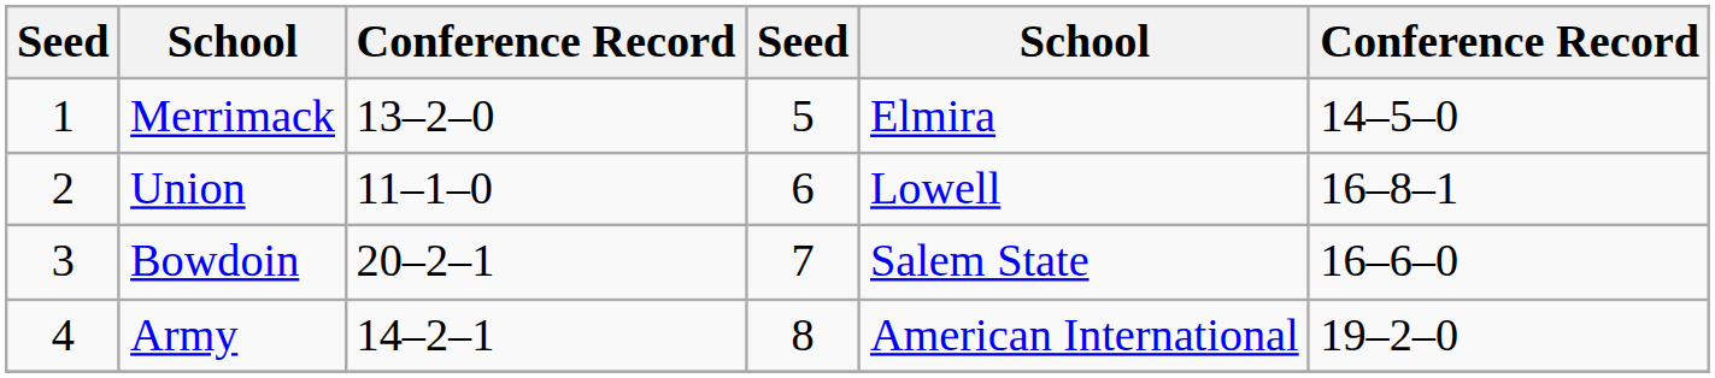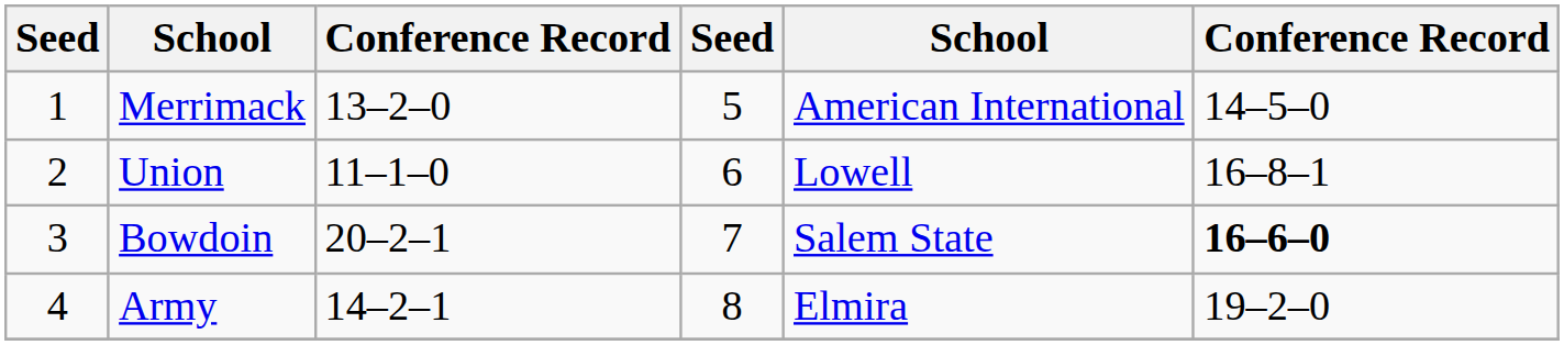 <table class="wikitable">
 <tr>
 <th>Seed</th>
 <th>School</th>
 <th>Conference Record</th>
 <th>Seed</th>
 <th>School</th>
 <th>Conference Record</th>
 </tr>
 <tr>
 <td align=center>1</td>
 <td><a href='#'>Merrimack</a></td>
 <td>13–2–0</td>
 <td align=center>5</td>
-<td><a href='#'>Elmira</a></td>
+<td><a href='#'>American International</a></td>
 <td>14–5–0</td>
 </tr>
 <tr>
 <td align=center>2</td>
 <td><a href='#'>Union</a></td>
 <td>11–1–0</td>
 <td align=center>6</td>
 <td><a href='#'>Lowell</a></td>
 <td>16–8–1</td>
 </tr>
 <tr>
 <td align=center>3</td>
 <td><a href='#'>Bowdoin</a></td>
 <td>20–2–1</td>
 <td align=center>7</td>
 <td><a href='#'>Salem State</a></td>
-<td>16–6–0</td>
+<td><strong>16–6–0</strong></td>
 </tr>
 <tr>
 <td align=center>4</td>
 <td><a href='#'>Army</a></td>
 <td>14–2–1</td>
 <td align=center>8</td>
-<td><a href='#'>American International</a></td>
+<td><a href='#'>Elmira</a></td>
 <td>19–2–0</td>
 </tr>
 <tr>
 </tr>
 </table>
